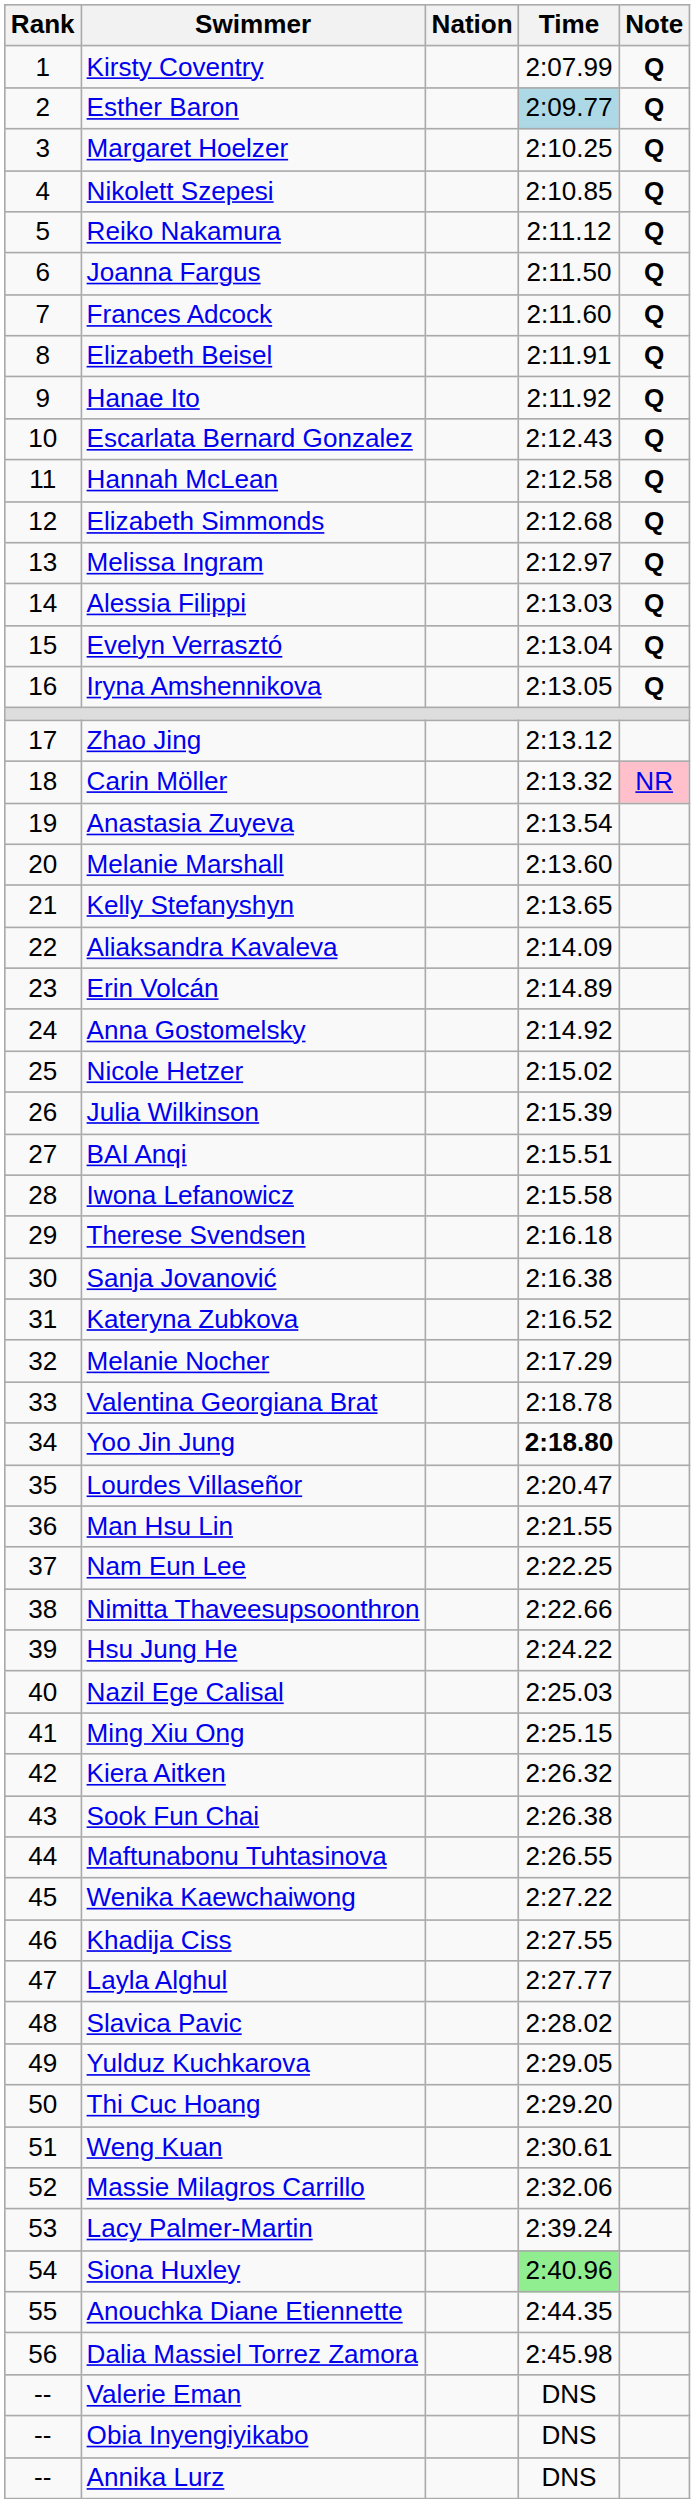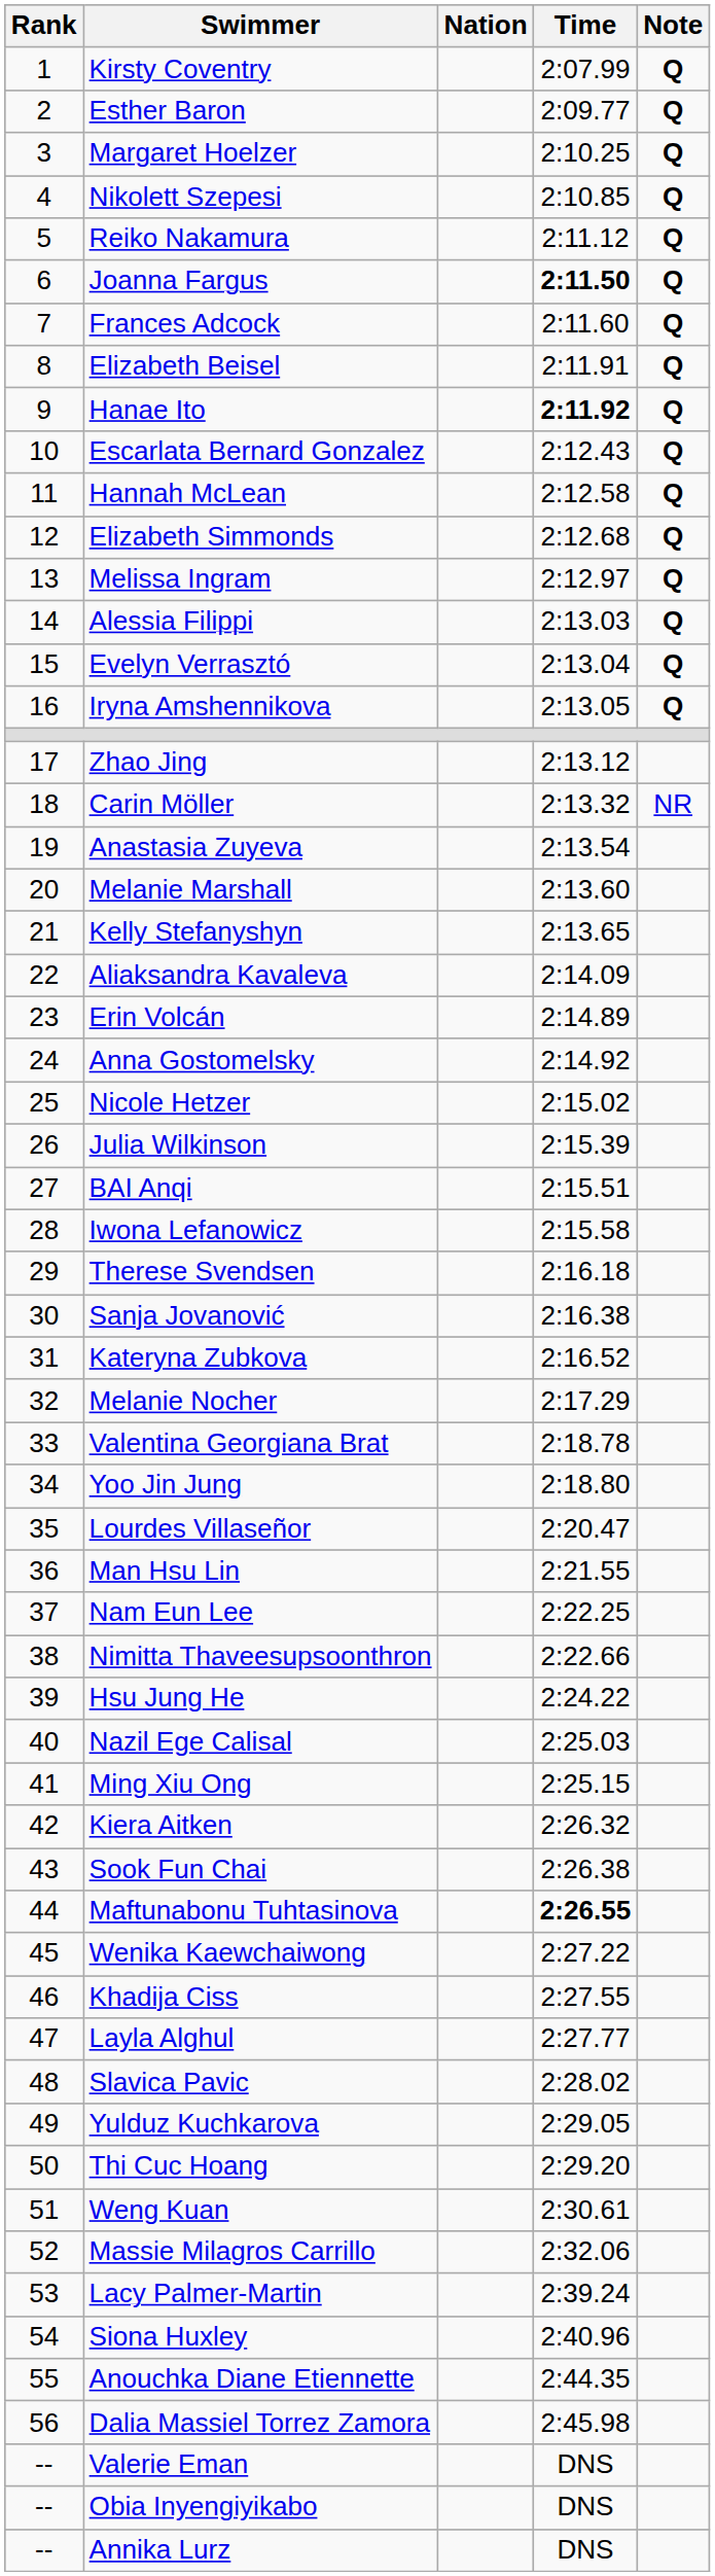 <table class="wikitable" style="text-align:center">
 <tr>
 <th>Rank</th>
 <th>Swimmer</th>
 <th>Nation</th>
 <th>Time</th>
 <th>Note</th>
 </tr>
 <tr>
 <td>1</td>
 <td align=left><a href='#'>Kirsty Coventry</a></td>
 <td align=left></td>
 <td>2:07.99</td>
 <td><strong>Q</strong></td>
 </tr>
 <tr>
 <td>2</td>
 <td align=left><a href='#'>Esther Baron</a></td>
 <td align=left></td>
-<td style="background: lightblue;">2:09.77</td>
+<td>2:09.77</td>
 <td><strong>Q</strong></td>
 </tr>
 <tr>
 <td>3</td>
 <td align=left><a href='#'>Margaret Hoelzer</a></td>
 <td align=left></td>
 <td>2:10.25</td>
 <td><strong>Q</strong></td>
 </tr>
 <tr>
 <td>4</td>
 <td align=left><a href='#'>Nikolett Szepesi</a></td>
 <td align=left></td>
 <td>2:10.85</td>
 <td><strong>Q</strong></td>
 </tr>
 <tr>
 <td>5</td>
 <td align=left><a href='#'>Reiko Nakamura</a></td>
 <td align=left></td>
 <td>2:11.12</td>
 <td><strong>Q</strong></td>
 </tr>
 <tr>
 <td>6</td>
 <td align=left><a href='#'>Joanna Fargus</a></td>
 <td align=left></td>
-<td>2:11.50</td>
+<td><strong>2:11.50</strong></td>
 <td><strong>Q</strong></td>
 </tr>
 <tr>
 <td>7</td>
 <td align=left><a href='#'>Frances Adcock</a></td>
 <td align=left></td>
 <td>2:11.60</td>
 <td><strong>Q</strong></td>
 </tr>
 <tr>
 <td>8</td>
 <td align=left><a href='#'>Elizabeth Beisel</a></td>
 <td align=left></td>
 <td>2:11.91</td>
 <td><strong>Q</strong></td>
 </tr>
 <tr>
 <td>9</td>
 <td align=left><a href='#'>Hanae Ito</a></td>
 <td align=left></td>
-<td>2:11.92</td>
+<td><strong>2:11.92</strong></td>
 <td><strong>Q</strong></td>
 </tr>
 <tr>
 <td>10</td>
 <td align=left><a href='#'>Escarlata Bernard Gonzalez</a></td>
 <td align=left></td>
 <td>2:12.43</td>
 <td><strong>Q</strong></td>
 </tr>
 <tr>
 <td>11</td>
 <td align=left><a href='#'>Hannah McLean</a></td>
 <td align=left></td>
 <td>2:12.58</td>
 <td><strong>Q</strong></td>
 </tr>
 <tr>
 <td>12</td>
 <td align=left><a href='#'>Elizabeth Simmonds</a></td>
 <td align=left></td>
 <td>2:12.68</td>
 <td><strong>Q</strong></td>
 </tr>
 <tr>
 <td>13</td>
 <td align=left><a href='#'>Melissa Ingram</a></td>
 <td align=left></td>
 <td>2:12.97</td>
 <td><strong>Q</strong></td>
 </tr>
 <tr>
 <td>14</td>
 <td align=left><a href='#'>Alessia Filippi</a></td>
 <td align=left></td>
 <td>2:13.03</td>
 <td><strong>Q</strong></td>
 </tr>
 <tr>
 <td>15</td>
 <td align=left><a href='#'>Evelyn Verrasztó</a></td>
 <td align=left></td>
 <td>2:13.04</td>
 <td><strong>Q</strong></td>
 </tr>
 <tr>
 <td>16</td>
 <td align=left><a href='#'>Iryna Amshennikova</a></td>
 <td align=left></td>
 <td>2:13.05</td>
 <td><strong>Q</strong></td>
 </tr>
 <tr bgcolor=#DDDDDD>
 <td colspan=5></td>
 </tr>
 <tr>
 <td>17</td>
 <td align=left><a href='#'>Zhao Jing</a></td>
 <td align=left></td>
 <td>2:13.12</td>
 <td></td>
 </tr>
 <tr>
 <td>18</td>
 <td align=left><a href='#'>Carin Möller</a></td>
 <td align=left></td>
 <td>2:13.32</td>
-<td style="background: pink;"><a href='#'>NR</a></td>
+<td><a href='#'>NR</a></td>
 </tr>
 <tr>
 <td>19</td>
 <td align=left><a href='#'>Anastasia Zuyeva</a></td>
 <td align=left></td>
 <td>2:13.54</td>
 <td></td>
 </tr>
 <tr>
 <td>20</td>
 <td align=left><a href='#'>Melanie Marshall</a></td>
 <td align=left></td>
 <td>2:13.60</td>
 <td></td>
 </tr>
 <tr>
 <td>21</td>
 <td align=left><a href='#'>Kelly Stefanyshyn</a></td>
 <td align=left></td>
 <td>2:13.65</td>
 <td></td>
 </tr>
 <tr>
 <td>22</td>
 <td align=left><a href='#'>Aliaksandra Kavaleva</a></td>
 <td align=left></td>
 <td>2:14.09</td>
 <td></td>
 </tr>
 <tr>
 <td>23</td>
 <td align=left><a href='#'>Erin Volcán</a></td>
 <td align=left></td>
 <td>2:14.89</td>
 <td></td>
 </tr>
 <tr>
 <td>24</td>
 <td align=left><a href='#'>Anna Gostomelsky</a></td>
 <td align=left></td>
 <td>2:14.92</td>
 <td></td>
 </tr>
 <tr>
 <td>25</td>
 <td align=left><a href='#'>Nicole Hetzer</a></td>
 <td align=left></td>
 <td>2:15.02</td>
 <td></td>
 </tr>
 <tr>
 <td>26</td>
 <td align=left><a href='#'>Julia Wilkinson</a></td>
 <td align=left></td>
 <td>2:15.39</td>
 <td></td>
 </tr>
 <tr>
 <td>27</td>
 <td align=left><a href='#'>BAI Anqi</a></td>
 <td align=left></td>
 <td>2:15.51</td>
 <td></td>
 </tr>
 <tr>
 <td>28</td>
 <td align=left><a href='#'>Iwona Lefanowicz</a></td>
 <td align=left></td>
 <td>2:15.58</td>
 <td></td>
 </tr>
 <tr>
 <td>29</td>
 <td align=left><a href='#'>Therese Svendsen</a></td>
 <td align=left></td>
 <td>2:16.18</td>
 <td></td>
 </tr>
 <tr>
 <td>30</td>
 <td align=left><a href='#'>Sanja Jovanović</a></td>
 <td align=left></td>
 <td>2:16.38</td>
 <td></td>
 </tr>
 <tr>
 <td>31</td>
 <td align=left><a href='#'>Kateryna Zubkova</a></td>
 <td align=left></td>
 <td>2:16.52</td>
 <td></td>
 </tr>
 <tr>
 <td>32</td>
 <td align=left><a href='#'>Melanie Nocher</a></td>
 <td align=left></td>
 <td>2:17.29</td>
 <td></td>
 </tr>
 <tr>
 <td>33</td>
 <td align=left><a href='#'>Valentina Georgiana Brat</a></td>
 <td align=left></td>
 <td>2:18.78</td>
 <td></td>
 </tr>
 <tr>
 <td>34</td>
 <td align=left><a href='#'>Yoo Jin Jung</a></td>
 <td align=left></td>
-<td><strong>2:18.80</strong></td>
+<td>2:18.80</td>
 <td></td>
 </tr>
 <tr>
 <td>35</td>
 <td align=left><a href='#'>Lourdes Villaseñor</a></td>
 <td align=left></td>
 <td>2:20.47</td>
 <td></td>
 </tr>
 <tr>
 <td>36</td>
 <td align=left><a href='#'>Man Hsu Lin</a></td>
 <td align=left></td>
 <td>2:21.55</td>
 <td></td>
 </tr>
 <tr>
 <td>37</td>
 <td align=left><a href='#'>Nam Eun Lee</a></td>
 <td align=left></td>
 <td>2:22.25</td>
 <td></td>
 </tr>
 <tr>
 <td>38</td>
 <td align=left><a href='#'>Nimitta Thaveesupsoonthron</a></td>
 <td align=left></td>
 <td>2:22.66</td>
 <td></td>
 </tr>
 <tr>
 <td>39</td>
 <td align=left><a href='#'>Hsu Jung He</a></td>
 <td align=left></td>
 <td>2:24.22</td>
 <td></td>
 </tr>
 <tr>
 <td>40</td>
 <td align=left><a href='#'>Nazil Ege Calisal</a></td>
 <td align=left></td>
 <td>2:25.03</td>
 <td></td>
 </tr>
 <tr>
 <td>41</td>
 <td align=left><a href='#'>Ming Xiu Ong</a></td>
 <td align=left></td>
 <td>2:25.15</td>
 <td></td>
 </tr>
 <tr>
 <td>42</td>
 <td align=left><a href='#'>Kiera Aitken</a></td>
 <td align=left></td>
 <td>2:26.32</td>
 <td></td>
 </tr>
 <tr>
 <td>43</td>
 <td align=left><a href='#'>Sook Fun Chai</a></td>
 <td align=left></td>
 <td>2:26.38</td>
 <td></td>
 </tr>
 <tr>
 <td>44</td>
 <td align=left><a href='#'>Maftunabonu Tuhtasinova</a></td>
 <td align=left></td>
-<td>2:26.55</td>
+<td><strong>2:26.55</strong></td>
 <td></td>
 </tr>
 <tr>
 <td>45</td>
 <td align=left><a href='#'>Wenika Kaewchaiwong</a></td>
 <td align=left></td>
 <td>2:27.22</td>
 <td></td>
 </tr>
 <tr>
 <td>46</td>
 <td align=left><a href='#'>Khadija Ciss</a></td>
 <td align=left></td>
 <td>2:27.55</td>
 <td></td>
 </tr>
 <tr>
 <td>47</td>
 <td align=left><a href='#'>Layla Alghul</a></td>
 <td align=left></td>
 <td>2:27.77</td>
 <td></td>
 </tr>
 <tr>
 <td>48</td>
 <td align=left><a href='#'>Slavica Pavic</a></td>
 <td align=left></td>
 <td>2:28.02</td>
 <td></td>
 </tr>
 <tr>
 <td>49</td>
 <td align=left><a href='#'>Yulduz Kuchkarova</a></td>
 <td align=left></td>
 <td>2:29.05</td>
 <td></td>
 </tr>
 <tr>
 <td>50</td>
 <td align=left><a href='#'>Thi Cuc Hoang</a></td>
 <td align=left></td>
 <td>2:29.20</td>
 <td></td>
 </tr>
 <tr>
 <td>51</td>
 <td align=left><a href='#'>Weng Kuan</a></td>
 <td align=left></td>
 <td>2:30.61</td>
 <td></td>
 </tr>
 <tr>
 <td>52</td>
 <td align=left><a href='#'>Massie Milagros Carrillo</a></td>
 <td align=left></td>
 <td>2:32.06</td>
 <td></td>
 </tr>
 <tr>
 <td>53</td>
 <td align=left><a href='#'>Lacy Palmer-Martin</a></td>
 <td align=left></td>
 <td>2:39.24</td>
 <td></td>
 </tr>
 <tr>
 <td>54</td>
 <td align=left><a href='#'>Siona Huxley</a></td>
 <td align=left></td>
-<td style="background: lightgreen;">2:40.96</td>
+<td>2:40.96</td>
 <td></td>
 </tr>
 <tr>
 <td>55</td>
 <td align=left><a href='#'>Anouchka Diane Etiennette</a></td>
 <td align=left></td>
 <td>2:44.35</td>
 <td></td>
 </tr>
 <tr>
 <td>56</td>
 <td align=left><a href='#'>Dalia Massiel Torrez Zamora</a></td>
 <td align=left></td>
 <td>2:45.98</td>
 <td></td>
 </tr>
 <tr>
 <td>--</td>
 <td align=left><a href='#'>Valerie Eman</a></td>
 <td align=left></td>
 <td>DNS</td>
 <td></td>
 </tr>
 <tr>
 <td>--</td>
 <td align=left><a href='#'>Obia Inyengiyikabo</a></td>
 <td align=left></td>
 <td>DNS</td>
 <td></td>
 </tr>
 <tr>
 <td>--</td>
 <td align=left><a href='#'>Annika Lurz</a></td>
 <td align=left></td>
 <td>DNS</td>
 <td></td>
 </tr>
 <tr>
 </tr>
 </table>
